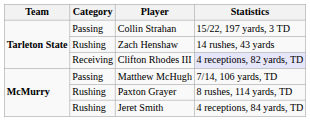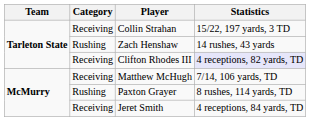 <table class="wikitable" style="float: left;">
 <tr>
 <th>Team</th>
 <th>Category</th>
 <th>Player</th>
 <th>Statistics</th>
 </tr>
 <tr>
 <td rowspan=3><strong>Tarleton State</strong></td>
-<td>Passing</td>
+<td>Receiving</td>
 <td>Collin Strahan</td>
 <td>15/22, 197 yards, 3 TD</td>
 </tr>
 <tr>
 <td>Rushing</td>
 <td>Zach Henshaw</td>
 <td>14 rushes, 43 yards</td>
 </tr>
 <tr>
 <td>Receiving</td>
 <td>Clifton Rhodes III</td>
 <td style="background: lavender;">4 receptions, 82 yards, TD</td>
 </tr>
 <tr>
 <td rowspan=3><strong>McMurry</strong></td>
-<td>Passing</td>
+<td>Receiving</td>
 <td>Matthew McHugh</td>
 <td>7/14, 106 yards, TD</td>
 </tr>
 <tr>
 <td>Rushing</td>
 <td>Paxton Grayer</td>
 <td>8 rushes, 114 yards, TD</td>
 </tr>
 <tr>
-<td>Rushing</td>
+<td>Receiving</td>
 <td>Jeret Smith</td>
 <td>4 receptions, 84 yards, TD</td>
 </tr>
 </table>
